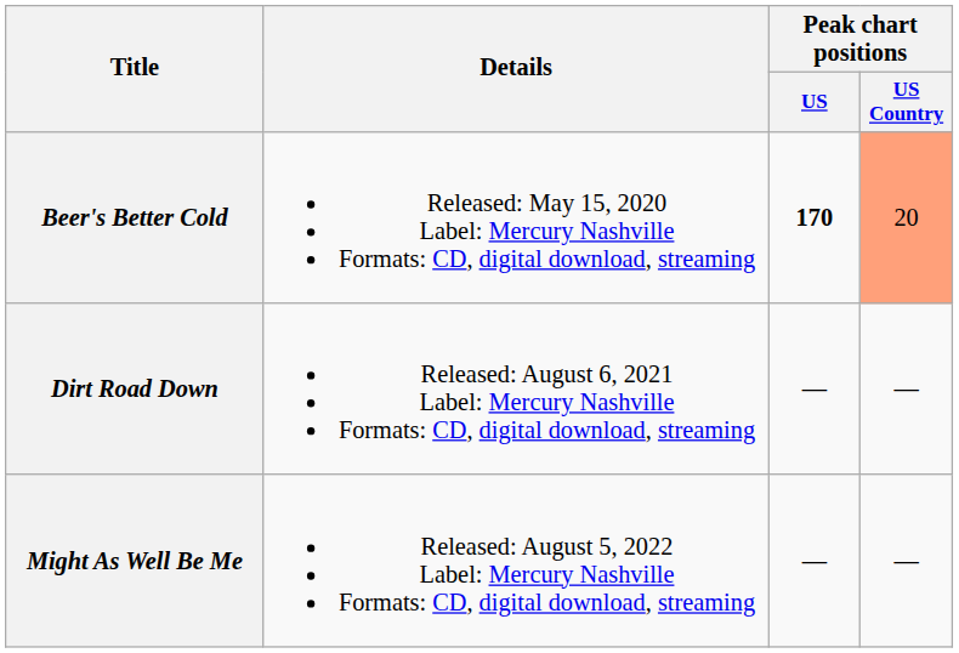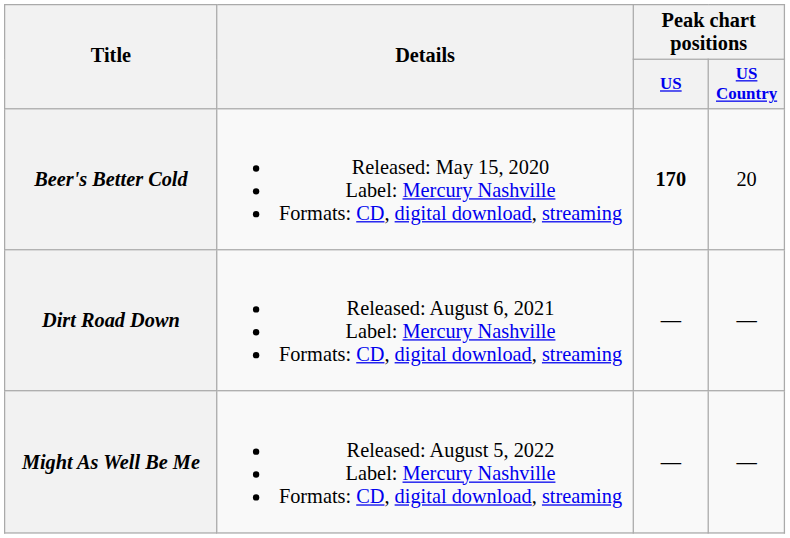 <table class="wikitable plainrowheaders" style="text-align:center;">
 <tr>
 <th rowspan="2" style="width:10em;">Title</th>
 <th rowspan="2" style="width:20em;">Details</th>
 <th colspan="2">Peak chart positions</th>
 </tr>
 <tr style="font-size:smaller;">
 <th style="width:4em;"><a href='#'>US</a><br></th>
 <th style="width:4em;"><a href='#'>US Country</a><br></th>
 </tr>
 <tr>
 <th scope="row"><em>Beer's Better Cold</em></th>
 <td><br><ul><li>Released: May 15, 2020</li><li>Label: <a href='#'>Mercury Nashville</a></li><li>Formats: <a href='#'>CD</a>, <a href='#'>digital download</a>, <a href='#'>streaming</a></li></ul></td>
 <td><strong>170<br></strong></td>
-<td style="background: lightsalmon;">20</td>
+<td>20</td>
 </tr>
 <tr>
 <th scope="row"><em>Dirt Road Down</em></th>
 <td><br><ul><li>Released: August 6, 2021</li><li>Label: <a href='#'>Mercury Nashville</a></li><li>Formats: <a href='#'>CD</a>, <a href='#'>digital download</a>, <a href='#'>streaming</a></li></ul></td>
 <td>—</td>
 <td>—</td>
 </tr>
 <tr>
 <th scope="row"><em>Might As Well Be Me</em></th>
 <td><br><ul><li>Released: August 5, 2022</li><li>Label: <a href='#'>Mercury Nashville</a></li><li>Formats: <a href='#'>CD</a>, <a href='#'>digital download</a>, <a href='#'>streaming</a></li></ul></td>
 <td>—</td>
 <td>—</td>
 </tr>
 </table>
